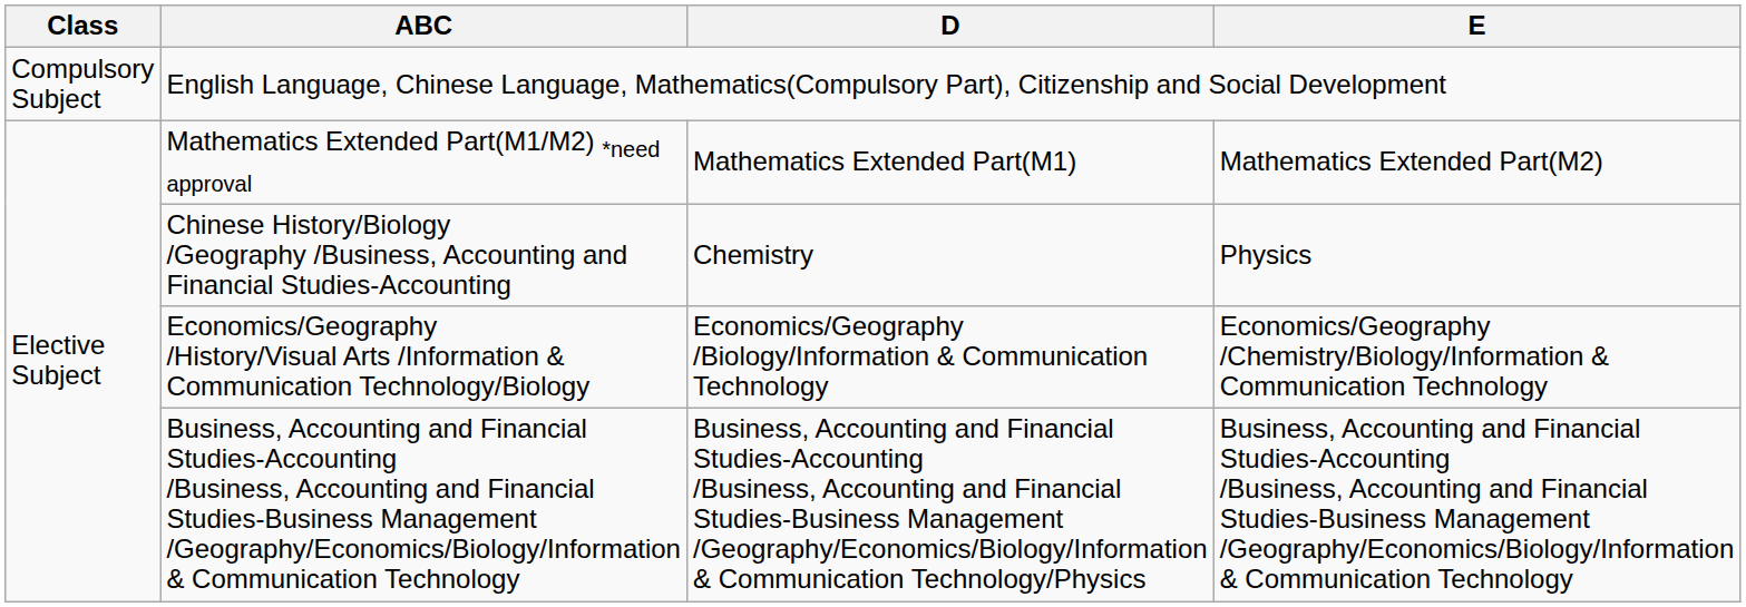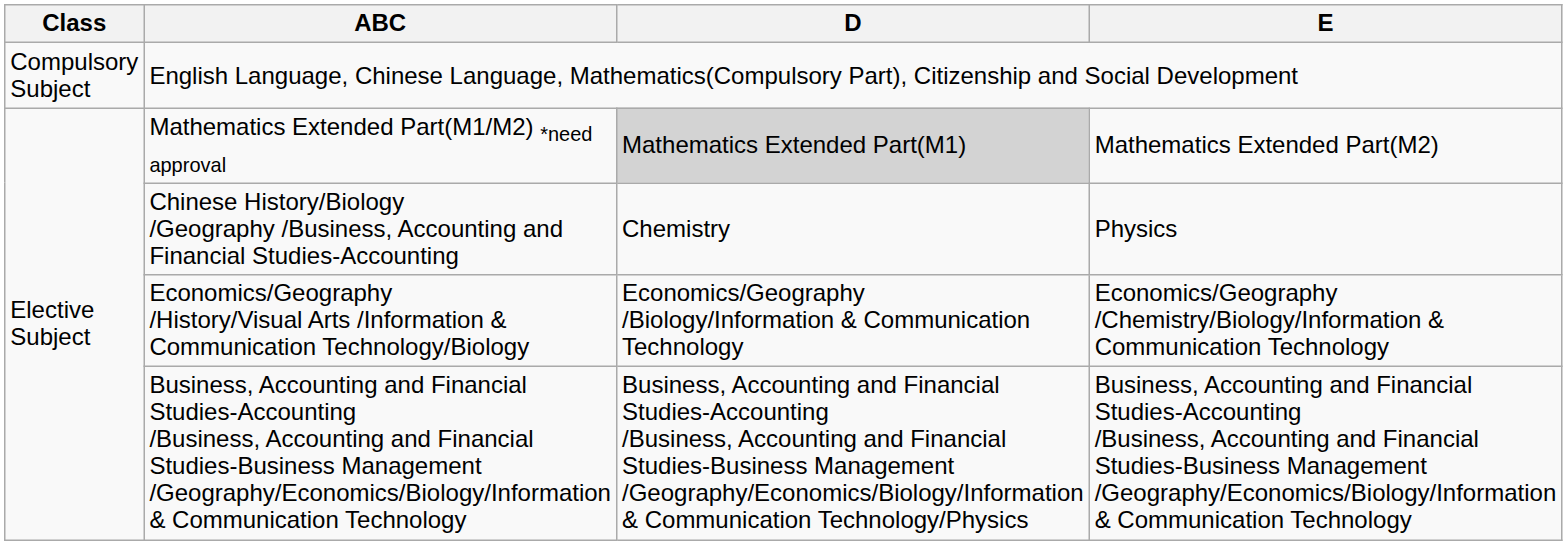 <table class="wikitable">
 <tr>
 <th>Class</th>
 <th>ABC</th>
 <th>D</th>
 <th>E</th>
 </tr>
 <tr>
 <td>Compulsory Subject</td>
 <td colspan="3">English Language, Chinese Language, Mathematics(Compulsory Part), Citizenship and Social Development</td>
 </tr>
 <tr>
 <td rowspan="4">Elective Subject</td>
 <td>Mathematics Extended Part(M1/M2) <sub>*need approval</sub></td>
-<td>Mathematics Extended Part(M1)</td>
+<td style="background: lightgrey;">Mathematics Extended Part(M1)</td>
 <td>Mathematics Extended Part(M2)</td>
 </tr>
 <tr>
 <td>Chinese History/Biology<br>/Geography /Business, Accounting and Financial Studies-Accounting</td>
 <td>Chemistry</td>
 <td>Physics</td>
 </tr>
 <tr>
 <td>Economics/Geography<br>/History/Visual Arts /Information & Communication Technology/Biology</td>
 <td>Economics/Geography<br>/Biology/Information & Communication Technology</td>
 <td>Economics/Geography<br>/Chemistry/Biology/Information & Communication Technology</td>
 </tr>
 <tr>
 <td>Business, Accounting and Financial Studies-Accounting<br>/Business, Accounting and Financial Studies-Business Management<br>/Geography/Economics/Biology/Information & Communication Technology</td>
 <td>Business, Accounting and Financial Studies-Accounting<br>/Business, Accounting and Financial Studies-Business Management<br>/Geography/Economics/Biology/Information & Communication Technology/Physics</td>
 <td>Business, Accounting and Financial Studies-Accounting<br>/Business, Accounting and Financial Studies-Business Management<br>/Geography/Economics/Biology/Information & Communication Technology</td>
 </tr>
 </table>
